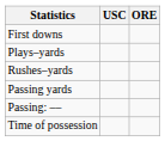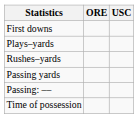 <table class="wikitable" style="float:left">
 <tr>
 <th>Statistics</th>
+<th>ORE</th>
 <th>USC</th>
-<th>ORE</th>
 </tr>
 <tr>
 <td>First downs</td>
 <td></td>
 <td></td>
 </tr>
 <tr>
 <td>Plays–yards</td>
 <td></td>
 <td></td>
 </tr>
 <tr>
 <td>Rushes–yards</td>
 <td></td>
 <td></td>
 </tr>
 <tr>
 <td>Passing yards</td>
 <td></td>
 <td></td>
 </tr>
 <tr>
 <td>Passing: ––</td>
 <td></td>
 <td></td>
 </tr>
 <tr>
 <td>Time of possession</td>
 <td></td>
 <td></td>
 </tr>
 </table>
